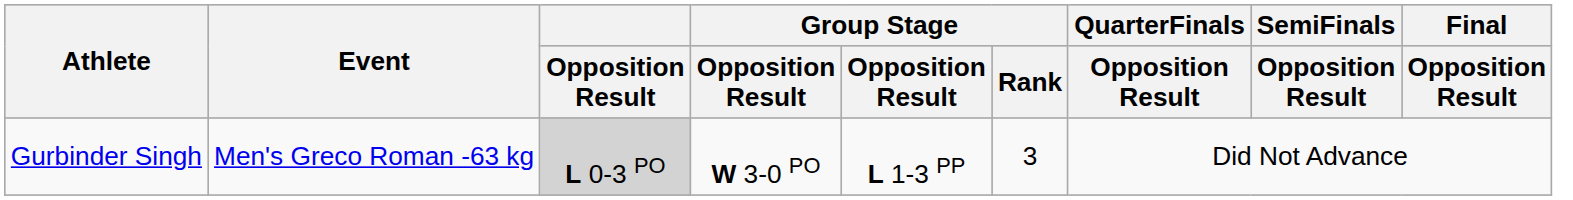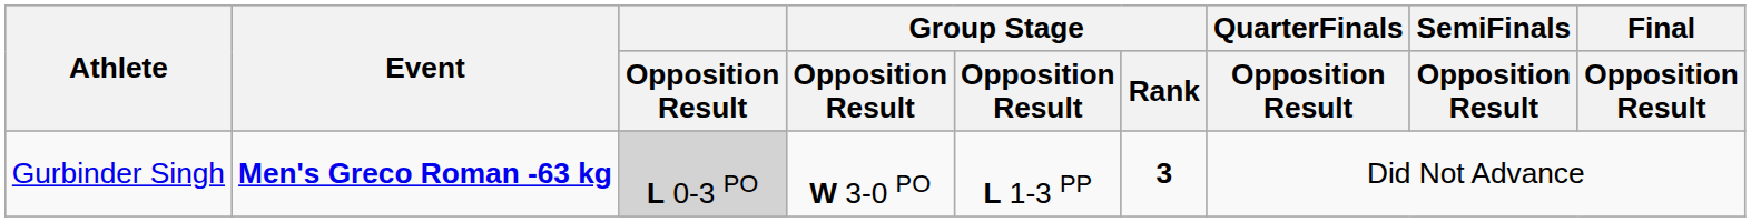 <table class="wikitable" style="text-align:center">
 <tr>
 <th rowspan="2">Athlete</th>
 <th rowspan="2">Event</th>
 <th></th>
 <th colspan="3">Group Stage</th>
 <th>QuarterFinals</th>
 <th>SemiFinals</th>
 <th>Final</th>
 </tr>
 <tr>
 <th>Opposition<br>Result</th>
 <th>Opposition<br>Result</th>
 <th>Opposition<br>Result</th>
 <th>Rank</th>
 <th>Opposition<br>Result</th>
 <th>Opposition<br>Result</th>
 <th>Opposition<br>Result</th>
 </tr>
 <tr>
 <td align= left><a href='#'>Gurbinder Singh</a></td>
-<td align= left><a href='#'>Men's Greco Roman -63 kg</a></td>
+<td align= left><strong><a href='#'>Men's Greco Roman -63 kg</a></strong></td>
 <td style="background: lightgrey;"><br><strong>L</strong> 0-3 <sup>PO</sup></td>
 <td><br><strong>W</strong> 3-0 <sup>PO</sup></td>
 <td><br><strong>L</strong> 1-3 <sup>PP</sup></td>
-<td>3</td>
+<td><strong>3</strong></td>
 <td colspan="3">Did Not Advance</td>
 </tr>
 </table>
